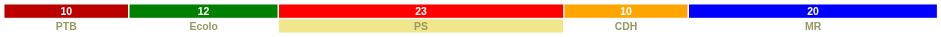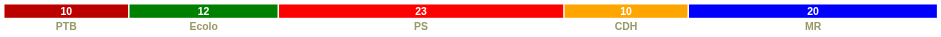 <table style="width:100%; font-size:88%; text-align:center;">
 <tr style="font-weight:bold">
 <td style="background:#BB0000; width:13.33%; color:white">10</td>
 <td style="background:green; width:16%; color:white">12</td>
 <td style="background:red; width:30.6%; color:white">23</td>
 <td style="background:orange; width:13.33%; color:white">10</td>
 <td style="background:blue; width:26.71%; color:white">20</td>
 </tr>
 <tr style="font-weight:bold; color:#996;">
 <td>PTB</td>
 <td>Ecolo</td>
-<td style="background: khaki;">PS</td>
+<td>PS</td>
 <td>CDH</td>
 <td>MR</td>
 </tr>
 </table>
